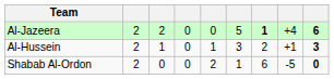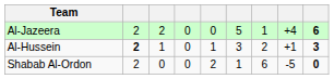 <table class="wikitable" style="text-align: center;">
 <tr>
 <th width="165">Team</th>
 <th width="30"></th>
 <th width="30"></th>
 <th width="30"></th>
 <th width="30"></th>
 <th width="30"></th>
 <th width="30"></th>
 <th width="30"></th>
 <th width="30"></th>
 </tr>
 <tr bgcolor="#ccffcc">
 <td align="left">Al-Jazeera</td>
 <td>2</td>
 <td>2</td>
 <td>0</td>
 <td>0</td>
 <td>5</td>
-<td><strong>1</strong></td>
+<td>1</td>
 <td>+4</td>
 <td><strong>6</strong></td>
 </tr>
 <tr>
 <td align="left">Al-Hussein</td>
-<td>2</td>
+<td><strong>2</strong></td>
 <td>1</td>
 <td>0</td>
 <td>1</td>
 <td>3</td>
 <td>2</td>
 <td>+1</td>
 <td><strong>3</strong></td>
 </tr>
 <tr>
 <td align="left">Shabab Al-Ordon</td>
 <td>2</td>
 <td>0</td>
 <td>0</td>
 <td>2</td>
 <td>1</td>
 <td>6</td>
 <td>-5</td>
 <td><strong>0</strong></td>
 </tr>
 </table>
